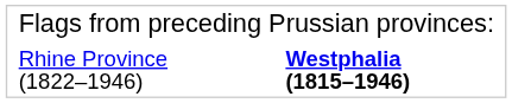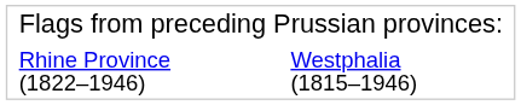 <table style="border:solid #ccc 1px; margin:5px;">
 <tr>
 <td colspan="2" style="padding:0 5px 0 5px; ">Flags from preceding Prussian provinces:</td>
 </tr>
 <tr align="center">
 <td></td>
 <td></td>
 </tr>
 <tr>
 <td style="padding:0 5px 0 5px; font-size:85%; line-height:14px;"><a href='#'>Rhine Province</a><br>(1822–1946)</td>
-<td style="padding:0 5px 0 5px; font-size:85%; line-height:14px;"><strong><a href='#'>Westphalia</a><br>(1815–1946)</strong></td>
+<td style="padding:0 5px 0 5px; font-size:85%; line-height:14px;"><a href='#'>Westphalia</a><br>(1815–1946)</td>
 </tr>
 </table>
